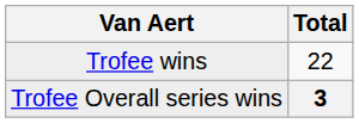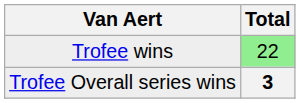 <table class="wikitable plainrowheaders">
 <tr>
 <th scope="col">Van Aert</th>
 <th scope="col">Total</th>
 </tr>
 <tr style="text-align:center;">
 <td style="background:#eeeeee"><a href='#'>Trofee</a> wins</td>
-<td>22</td>
+<td style="background: lightgreen;">22</td>
 </tr>
 <tr style="text-align:center;">
 <td style="background:#eeeeee"><a href='#'>Trofee</a> Overall series wins</td>
 <th>3</th>
 </tr>
 </table>
